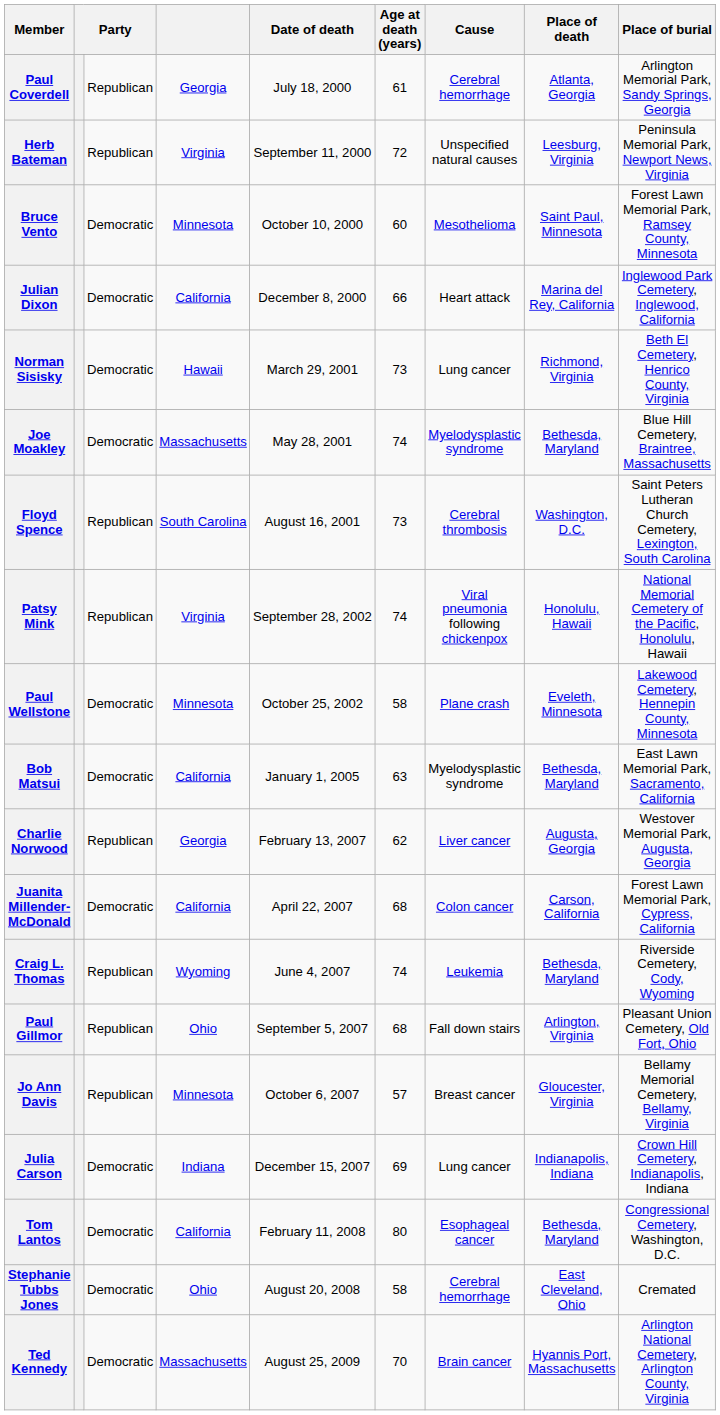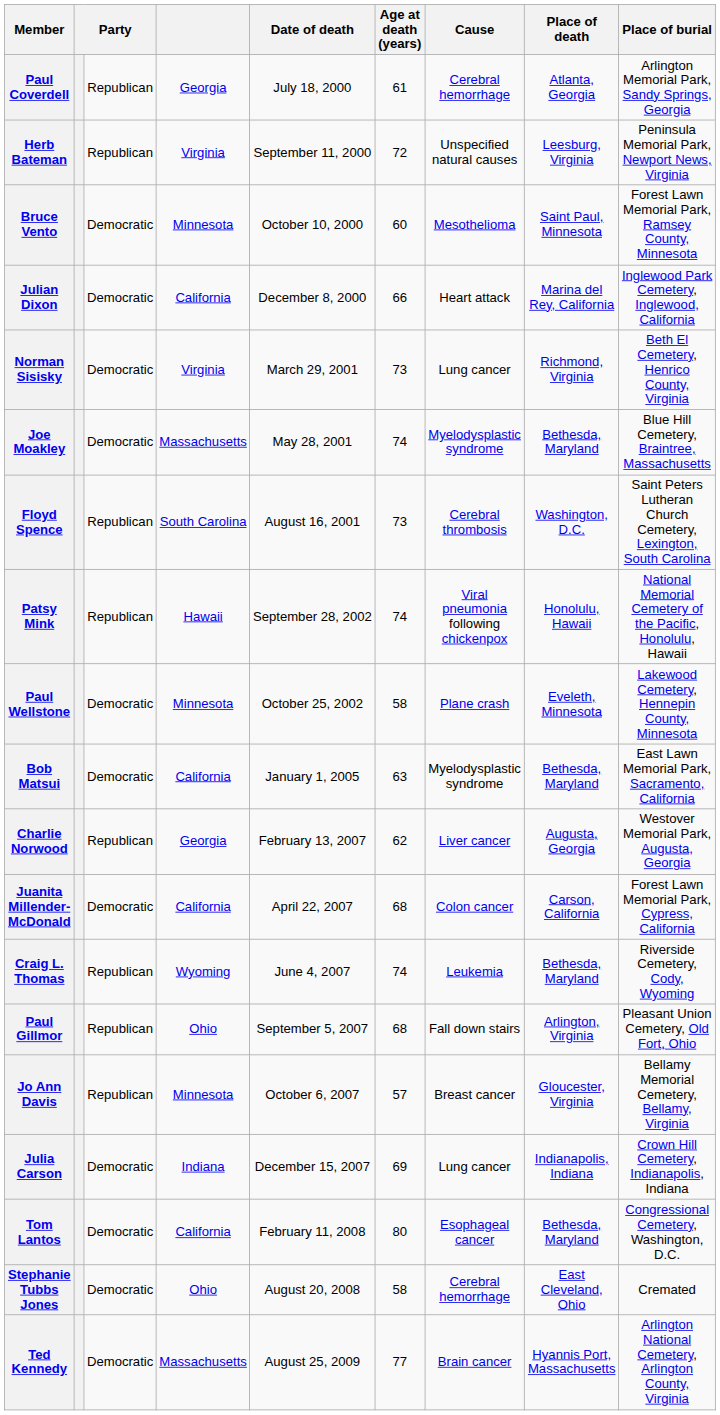 <table class="wikitable sortable" style="text-align:center">
 <tr>
 <th>Member</th>
 <th colspan=2>Party</th>
 <th></th>
 <th>Date of death</th>
 <th>Age at death (years)</th>
 <th>Cause</th>
 <th>Place of death</th>
 <th>Place of burial</th>
 </tr>
 <tr>
 <th><a href='#'>Paul Coverdell</a></th>
 <th style="background:"> </th>
 <td>Republican</td>
 <td><a href='#'>Georgia</a><br></td>
 <td nowrap>July 18, 2000</td>
 <td nowrap>61</td>
 <td><a href='#'>Cerebral hemorrhage</a></td>
 <td><a href='#'>Atlanta, Georgia</a></td>
 <td>Arlington Memorial Park, <a href='#'>Sandy Springs, Georgia</a></td>
 </tr>
 <tr>
 <th><a href='#'>Herb Bateman</a></th>
 <th style="background:"> </th>
 <td>Republican</td>
 <td><a href='#'>Virginia</a><br></td>
 <td nowrap>September 11, 2000</td>
 <td nowrap>72</td>
 <td>Unspecified natural causes</td>
 <td><a href='#'>Leesburg, Virginia</a></td>
 <td>Peninsula Memorial Park, <a href='#'>Newport News, Virginia</a></td>
 </tr>
 <tr>
 <th><a href='#'>Bruce Vento</a></th>
 <th style="background:"> </th>
 <td>Democratic</td>
 <td><a href='#'>Minnesota</a><br></td>
 <td nowrap>October 10, 2000</td>
 <td nowrap>60</td>
 <td><a href='#'>Mesothelioma</a></td>
 <td><a href='#'>Saint Paul, Minnesota</a></td>
 <td>Forest Lawn Memorial Park, <a href='#'>Ramsey County, Minnesota</a></td>
 </tr>
 <tr>
 <th><a href='#'>Julian Dixon</a></th>
 <th style="background:"> </th>
 <td>Democratic</td>
 <td><a href='#'>California</a><br></td>
 <td nowrap>December 8, 2000</td>
 <td nowrap>66</td>
 <td>Heart attack</td>
 <td><a href='#'>Marina del Rey, California</a></td>
 <td><a href='#'>Inglewood Park Cemetery</a>, <a href='#'>Inglewood, California</a></td>
 </tr>
 <tr>
 <th><a href='#'>Norman Sisisky</a></th>
 <th style="background:"> </th>
 <td>Democratic</td>
-<td><a href='#'>Hawaii</a><br></td>
+<td><a href='#'>Virginia</a><br></td>
 <td nowrap>March 29, 2001</td>
 <td nowrap>73</td>
 <td>Lung cancer</td>
 <td><a href='#'>Richmond, Virginia</a></td>
 <td><a href='#'>Beth El Cemetery</a>, <a href='#'>Henrico County, Virginia</a></td>
 </tr>
 <tr>
 <th><a href='#'>Joe Moakley</a></th>
 <th style="background:"> </th>
 <td>Democratic</td>
 <td><a href='#'>Massachusetts</a><br></td>
 <td nowrap>May 28, 2001</td>
 <td nowrap>74</td>
 <td><a href='#'>Myelodysplastic syndrome</a></td>
 <td><a href='#'>Bethesda, Maryland</a></td>
 <td>Blue Hill Cemetery, <a href='#'>Braintree, Massachusetts</a></td>
 </tr>
 <tr>
 <th><a href='#'>Floyd Spence</a></th>
 <th style="background:"> </th>
 <td>Republican</td>
 <td><a href='#'>South Carolina</a><br></td>
 <td nowrap>August 16, 2001</td>
 <td nowrap>73</td>
 <td><a href='#'>Cerebral thrombosis</a></td>
 <td><a href='#'>Washington, D.C.</a></td>
 <td>Saint Peters Lutheran Church Cemetery, <a href='#'>Lexington, South Carolina</a></td>
 </tr>
 <tr>
 <th><a href='#'>Patsy Mink</a></th>
 <th style="background:"> </th>
 <td>Republican</td>
-<td><a href='#'>Virginia</a><br></td>
+<td><a href='#'>Hawaii</a><br></td>
 <td nowrap>September 28, 2002</td>
 <td nowrap>74</td>
 <td><a href='#'>Viral pneumonia</a> following <a href='#'>chickenpox</a></td>
 <td><a href='#'>Honolulu, Hawaii</a></td>
 <td><a href='#'>National Memorial Cemetery of the Pacific</a>, <a href='#'>Honolulu</a>, Hawaii</td>
 </tr>
 <tr>
 <th><a href='#'>Paul Wellstone</a></th>
 <th style="background:"> </th>
 <td>Democratic</td>
 <td><a href='#'>Minnesota</a><br></td>
 <td nowrap>October 25, 2002</td>
 <td nowrap>58</td>
 <td><a href='#'>Plane crash</a></td>
 <td><a href='#'>Eveleth, Minnesota</a></td>
 <td><a href='#'>Lakewood Cemetery</a>, <a href='#'>Hennepin County, Minnesota</a></td>
 </tr>
 <tr>
 <th><a href='#'>Bob Matsui</a></th>
 <th style="background:"> </th>
 <td>Democratic</td>
 <td><a href='#'>California</a><br></td>
 <td nowrap>January 1, 2005</td>
 <td nowrap>63</td>
 <td>Myelodysplastic syndrome</td>
 <td><a href='#'>Bethesda, Maryland</a></td>
 <td>East Lawn Memorial Park, <a href='#'>Sacramento, California</a></td>
 </tr>
 <tr>
 <th><a href='#'>Charlie Norwood</a></th>
 <th style="background:"> </th>
 <td>Republican</td>
 <td><a href='#'>Georgia</a><br></td>
 <td nowrap>February 13, 2007</td>
 <td nowrap>62</td>
 <td><a href='#'>Liver cancer</a></td>
 <td><a href='#'>Augusta, Georgia</a></td>
 <td>Westover Memorial Park, <a href='#'>Augusta, Georgia</a></td>
 </tr>
 <tr>
 <th><a href='#'>Juanita Millender-McDonald</a></th>
 <th style="background:"> </th>
 <td>Democratic</td>
 <td><a href='#'>California</a><br></td>
 <td nowrap>April 22, 2007</td>
 <td nowrap>68</td>
 <td><a href='#'>Colon cancer</a></td>
 <td><a href='#'>Carson, California</a></td>
 <td>Forest Lawn Memorial Park, <a href='#'>Cypress, California</a></td>
 </tr>
 <tr>
 <th><a href='#'>Craig L. Thomas</a></th>
 <th style="background:"> </th>
 <td>Republican</td>
 <td><a href='#'>Wyoming</a><br></td>
 <td nowrap>June 4, 2007</td>
 <td nowrap>74</td>
 <td><a href='#'>Leukemia</a></td>
 <td><a href='#'>Bethesda, Maryland</a></td>
 <td>Riverside Cemetery, <a href='#'>Cody, Wyoming</a></td>
 </tr>
 <tr>
 <th><a href='#'>Paul Gillmor</a></th>
 <th style="background:"> </th>
 <td>Republican</td>
 <td><a href='#'>Ohio</a><br></td>
 <td nowrap>September 5, 2007</td>
 <td nowrap>68</td>
 <td>Fall down stairs</td>
 <td><a href='#'>Arlington, Virginia</a></td>
 <td>Pleasant Union Cemetery, <a href='#'>Old Fort, Ohio</a></td>
 </tr>
 <tr>
 <th><a href='#'>Jo Ann Davis</a></th>
 <th style="background:"> </th>
 <td>Republican</td>
 <td><a href='#'>Minnesota</a><br></td>
 <td nowrap>October 6, 2007</td>
 <td nowrap>57</td>
 <td>Breast cancer</td>
 <td><a href='#'>Gloucester, Virginia</a></td>
 <td>Bellamy Memorial Cemetery, <a href='#'>Bellamy, Virginia</a></td>
 </tr>
 <tr>
 <th><a href='#'>Julia Carson</a></th>
 <th style="background:"> </th>
 <td>Democratic</td>
 <td><a href='#'>Indiana</a><br></td>
 <td nowrap>December 15, 2007</td>
 <td nowrap>69</td>
 <td>Lung cancer</td>
 <td><a href='#'>Indianapolis, Indiana</a></td>
 <td><a href='#'>Crown Hill Cemetery</a>, <a href='#'>Indianapolis</a>, Indiana</td>
 </tr>
 <tr>
 <th><a href='#'>Tom Lantos</a></th>
 <th style="background:"> </th>
 <td>Democratic</td>
 <td><a href='#'>California</a><br></td>
 <td nowrap>February 11, 2008</td>
 <td nowrap>80</td>
 <td><a href='#'>Esophageal cancer</a></td>
 <td><a href='#'>Bethesda, Maryland</a></td>
 <td><a href='#'>Congressional Cemetery</a>, Washington, D.C.</td>
 </tr>
 <tr>
 <th><a href='#'>Stephanie Tubbs Jones</a></th>
 <th style="background:"> </th>
 <td>Democratic</td>
 <td><a href='#'>Ohio</a><br></td>
 <td nowrap>August 20, 2008</td>
 <td nowrap>58</td>
 <td><a href='#'>Cerebral hemorrhage</a></td>
 <td><a href='#'>East Cleveland, Ohio</a></td>
 <td>Cremated</td>
 </tr>
 <tr>
 <th><a href='#'>Ted Kennedy</a></th>
 <th style="background:"> </th>
 <td>Democratic</td>
 <td><a href='#'>Massachusetts</a><br></td>
 <td nowrap>August 25, 2009</td>
-<td nowrap>70</td>
+<td nowrap>77</td>
 <td><a href='#'>Brain cancer</a></td>
 <td><a href='#'>Hyannis Port, Massachusetts</a></td>
 <td><a href='#'>Arlington National Cemetery</a>, <a href='#'>Arlington County, Virginia</a></td>
 </tr>
 </table>
